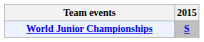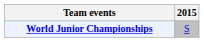 <table style='font-size: 90%; text-align:center;' class='wikitable'>
 <tr>
 <th>Team events</th>
 <th>2015</th>
 </tr>
 <tr>
 <td bgcolor=ECF2FF style="width: 240px;align=left"><strong><a href='#'>World Junior Championships</a></strong></td>
-<td bgcolor=silver><strong><a href='#'>S</a></strong></td>
+<td bgcolor=silver><a href='#'>S</a></td>
 </tr>
 </table>
